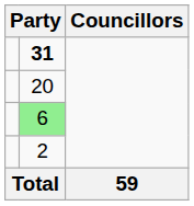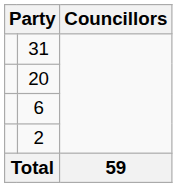 <table class="wikitable">
 <tr>
 <th colspan=2>Party</th>
 <th>Councillors</th>
 </tr>
 <tr>
 <td></td>
-<td align=center><strong>31</strong></td>
+<td align=center>31</td>
 </tr>
 <tr>
 <td></td>
 <td align=center>20</td>
 </tr>
 <tr>
 <td></td>
-<td align=center style="background: lightgreen;">6</td>
+<td align=center>6</td>
 </tr>
 <tr>
 <td></td>
 <td align=center>2</td>
 </tr>
 <tr>
 <th colspan=2>Total</th>
 <th align=center>59</th>
 </tr>
 </table>
